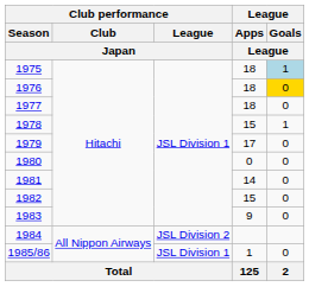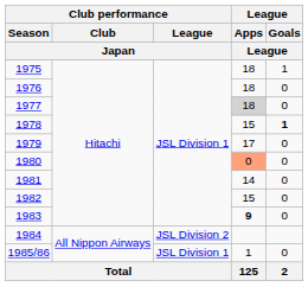 <table class="wikitable" style="text-align:center;">
 <tr>
 <th colspan=3>Club performance</th>
 <th colspan=2>League</th>
 </tr>
 <tr>
 <th>Season</th>
 <th>Club</th>
 <th>League</th>
 <th>Apps</th>
 <th>Goals</th>
 </tr>
 <tr>
 <th colspan=3>Japan</th>
 <th colspan=2>League</th>
 </tr>
 <tr>
 <td><a href='#'>1975</a></td>
 <td rowspan="9"><a href='#'>Hitachi</a></td>
 <td rowspan="9"><a href='#'>JSL Division 1</a></td>
 <td>18</td>
-<td style="background: lightblue;">1</td>
+<td>1</td>
 </tr>
 <tr>
 <td><a href='#'>1976</a></td>
 <td>18</td>
-<td style="background: gold;">0</td>
+<td>0</td>
 </tr>
 <tr>
 <td><a href='#'>1977</a></td>
-<td>18</td>
+<td style="background: lightgrey;">18</td>
 <td>0</td>
 </tr>
 <tr>
 <td><a href='#'>1978</a></td>
 <td>15</td>
-<td>1</td>
+<td><strong>1</strong></td>
 </tr>
 <tr>
 <td><a href='#'>1979</a></td>
 <td>17</td>
 <td>0</td>
 </tr>
 <tr>
 <td><a href='#'>1980</a></td>
-<td>0</td>
+<td style="background: lightsalmon;">0</td>
 <td>0</td>
 </tr>
 <tr>
 <td><a href='#'>1981</a></td>
 <td>14</td>
 <td>0</td>
 </tr>
 <tr>
 <td><a href='#'>1982</a></td>
 <td>15</td>
 <td>0</td>
 </tr>
 <tr>
 <td><a href='#'>1983</a></td>
-<td>9</td>
+<td><strong>9</strong></td>
 <td>0</td>
 </tr>
 <tr>
 <td><a href='#'>1984</a></td>
 <td rowspan="2"><a href='#'>All Nippon Airways</a></td>
 <td><a href='#'>JSL Division 2</a></td>
 <td></td>
 <td></td>
 </tr>
 <tr>
 <td><a href='#'>1985/86</a></td>
 <td><a href='#'>JSL Division 1</a></td>
 <td>1</td>
 <td>0</td>
 </tr>
 <tr>
 <th colspan=3>Total</th>
 <th>125</th>
 <th>2</th>
 </tr>
 </table>
